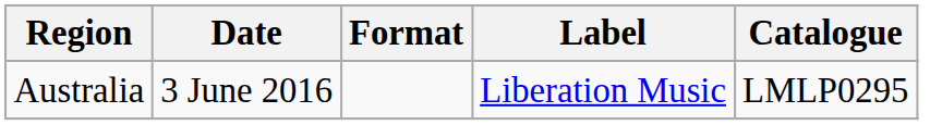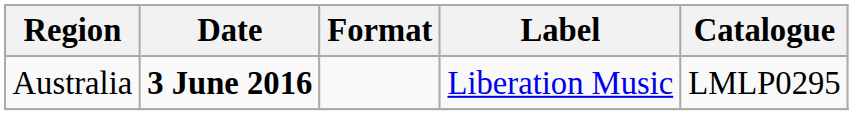 <table class="wikitable plainrowheaders">
 <tr>
 <th scope="col">Region</th>
 <th scope="col">Date</th>
 <th scope="col">Format</th>
 <th scope="col">Label</th>
 <th scope="col">Catalogue</th>
 </tr>
 <tr>
 <td>Australia</td>
-<td>3 June 2016</td>
+<td><strong>3 June 2016</strong></td>
 <td></td>
 <td><a href='#'>Liberation Music</a></td>
 <td>LMLP0295</td>
 </tr>
 <tr>
 </tr>
 </table>
